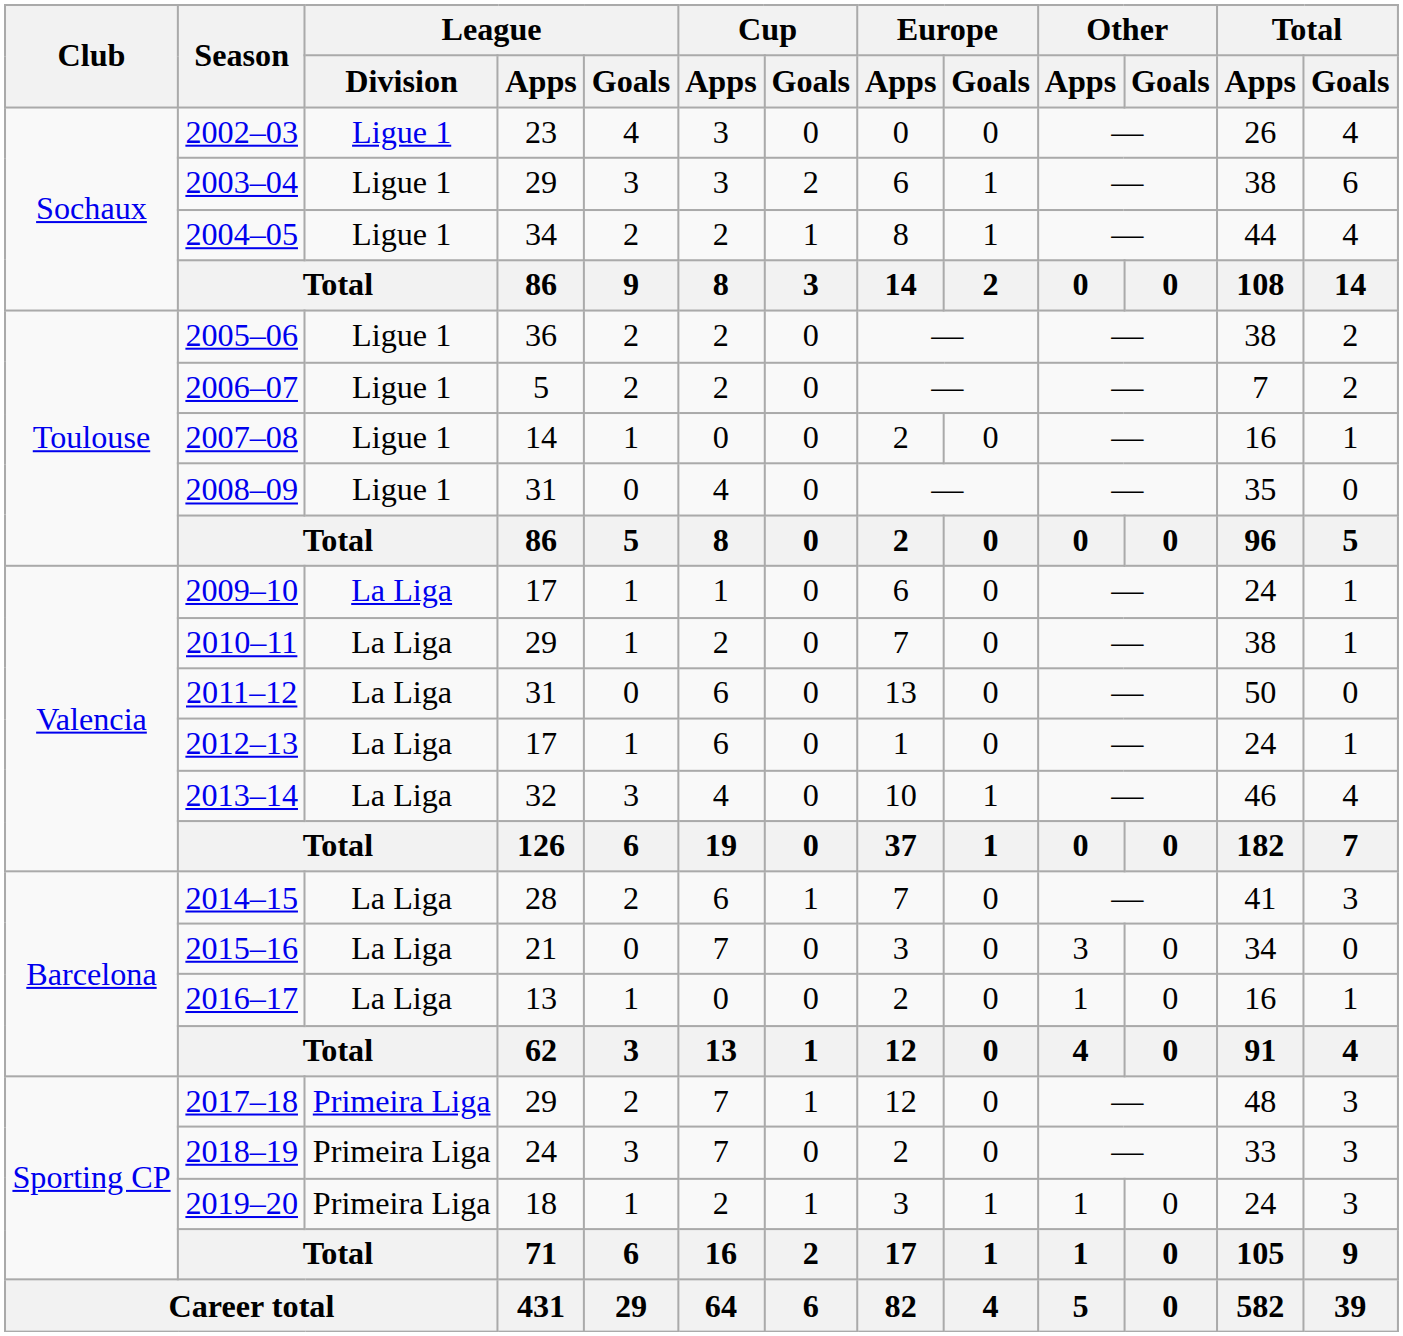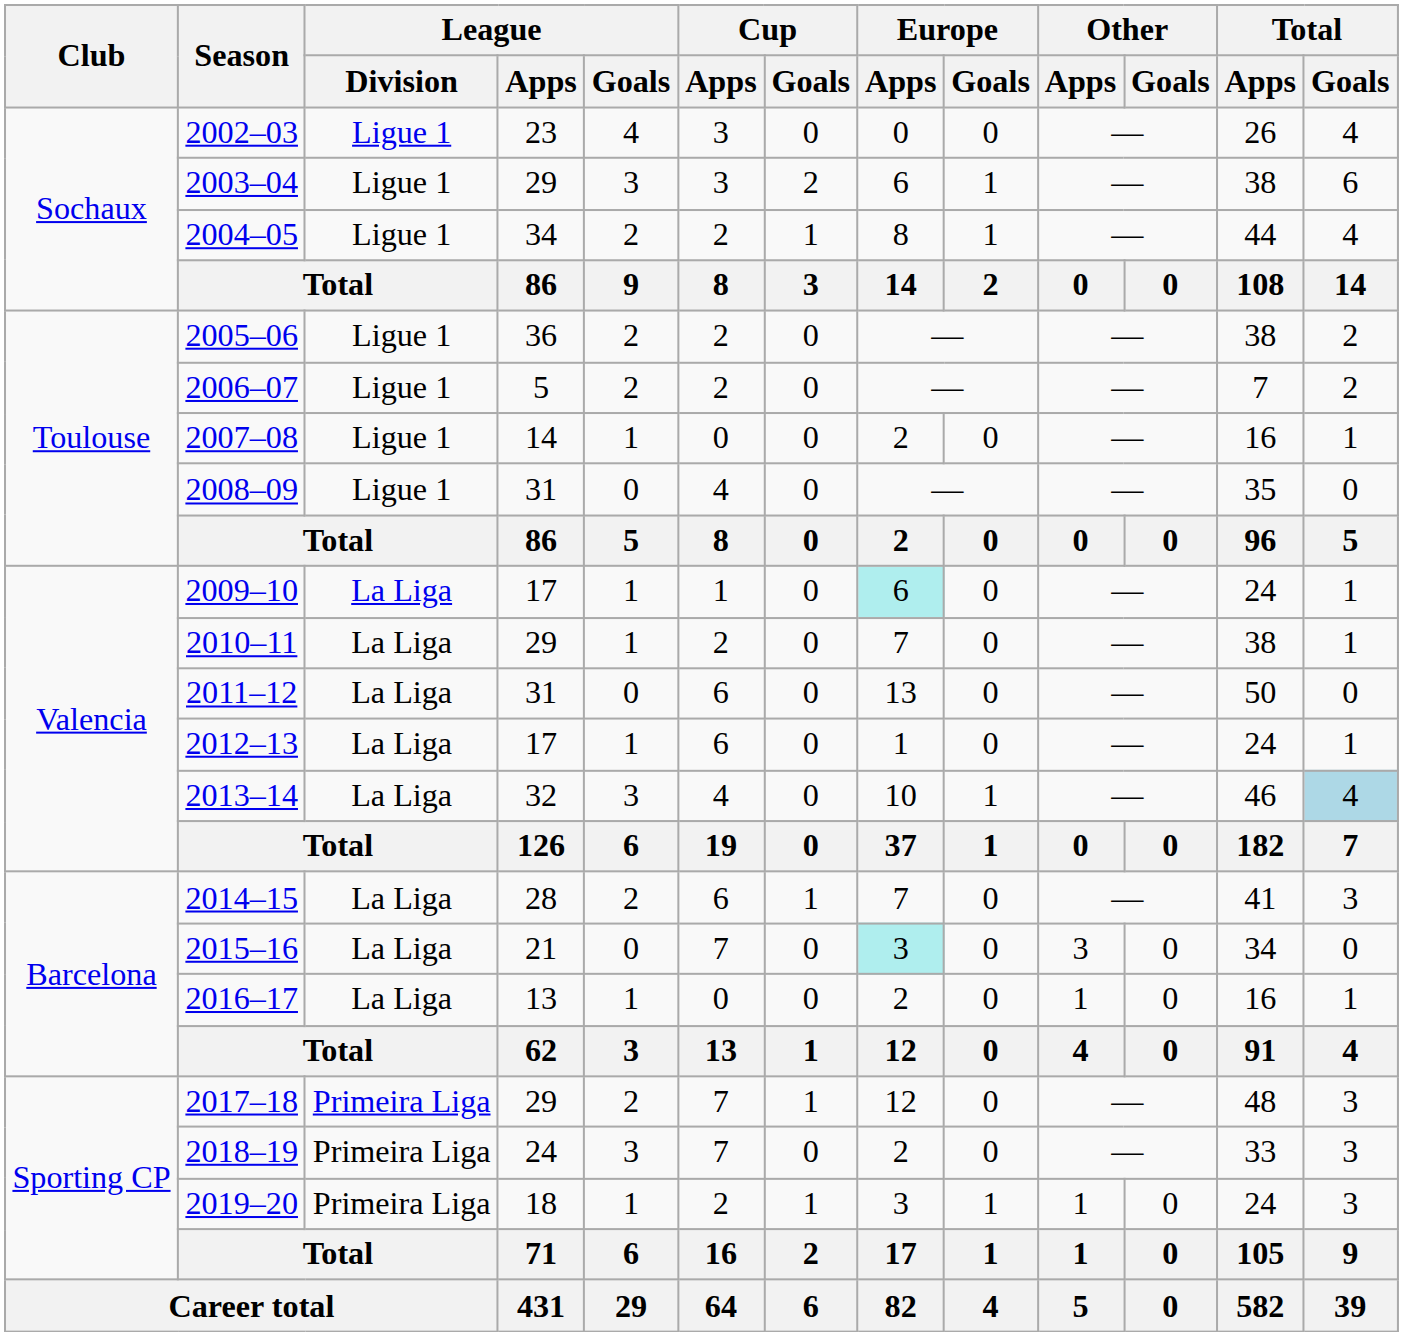 <table class="wikitable" style="text-align:center">
 <tr>
 <th rowspan="2">Club</th>
 <th rowspan="2">Season</th>
 <th colspan="3">League</th>
 <th colspan="2">Cup</th>
 <th colspan="2">Europe</th>
 <th colspan="2">Other</th>
 <th colspan="2">Total</th>
 </tr>
 <tr>
 <th>Division</th>
 <th>Apps</th>
 <th>Goals</th>
 <th>Apps</th>
 <th>Goals</th>
 <th>Apps</th>
 <th>Goals</th>
 <th>Apps</th>
 <th>Goals</th>
 <th>Apps</th>
 <th>Goals</th>
 </tr>
 <tr>
 <td rowspan="4"><a href='#'>Sochaux</a></td>
 <td><a href='#'>2002–03</a></td>
 <td><a href='#'>Ligue 1</a></td>
 <td>23</td>
 <td>4</td>
 <td>3</td>
 <td>0</td>
 <td>0</td>
 <td>0</td>
 <td colspan="2">—</td>
 <td>26</td>
 <td>4</td>
 </tr>
 <tr>
 <td><a href='#'>2003–04</a></td>
 <td>Ligue 1</td>
 <td>29</td>
 <td>3</td>
 <td>3</td>
 <td>2</td>
 <td>6</td>
 <td>1</td>
 <td colspan="2">—</td>
 <td>38</td>
 <td>6</td>
 </tr>
 <tr>
 <td><a href='#'>2004–05</a></td>
 <td>Ligue 1</td>
 <td>34</td>
 <td>2</td>
 <td>2</td>
 <td>1</td>
 <td>8</td>
 <td>1</td>
 <td colspan="2">—</td>
 <td>44</td>
 <td>4</td>
 </tr>
 <tr>
 <th colspan="2">Total</th>
 <th>86</th>
 <th>9</th>
 <th>8</th>
 <th>3</th>
 <th>14</th>
 <th>2</th>
 <th>0</th>
 <th>0</th>
 <th>108</th>
 <th>14</th>
 </tr>
 <tr>
 <td rowspan="5"><a href='#'>Toulouse</a></td>
 <td><a href='#'>2005–06</a></td>
 <td>Ligue 1</td>
 <td>36</td>
 <td>2</td>
 <td>2</td>
 <td>0</td>
 <td colspan="2">—</td>
 <td colspan="2">—</td>
 <td>38</td>
 <td>2</td>
 </tr>
 <tr>
 <td><a href='#'>2006–07</a></td>
 <td>Ligue 1</td>
 <td>5</td>
 <td>2</td>
 <td>2</td>
 <td>0</td>
 <td colspan="2">—</td>
 <td colspan="2">—</td>
 <td>7</td>
 <td>2</td>
 </tr>
 <tr>
 <td><a href='#'>2007–08</a></td>
 <td>Ligue 1</td>
 <td>14</td>
 <td>1</td>
 <td>0</td>
 <td>0</td>
 <td>2</td>
 <td>0</td>
 <td colspan="2">—</td>
 <td>16</td>
 <td>1</td>
 </tr>
 <tr>
 <td><a href='#'>2008–09</a></td>
 <td>Ligue 1</td>
 <td>31</td>
 <td>0</td>
 <td>4</td>
 <td>0</td>
 <td colspan="2">—</td>
 <td colspan="2">—</td>
 <td>35</td>
 <td>0</td>
 </tr>
 <tr>
 <th colspan="2">Total</th>
 <th>86</th>
 <th>5</th>
 <th>8</th>
 <th>0</th>
 <th>2</th>
 <th>0</th>
 <th>0</th>
 <th>0</th>
 <th>96</th>
 <th>5</th>
 </tr>
 <tr>
 <td rowspan="6"><a href='#'>Valencia</a></td>
 <td><a href='#'>2009–10</a></td>
 <td><a href='#'>La Liga</a></td>
 <td>17</td>
 <td>1</td>
 <td>1</td>
 <td>0</td>
-<td>6</td>
+<td style="background: paleturquoise;">6</td>
 <td>0</td>
 <td colspan="2">—</td>
 <td>24</td>
 <td>1</td>
 </tr>
 <tr>
 <td><a href='#'>2010–11</a></td>
 <td>La Liga</td>
 <td>29</td>
 <td>1</td>
 <td>2</td>
 <td>0</td>
 <td>7</td>
 <td>0</td>
 <td colspan="2">—</td>
 <td>38</td>
 <td>1</td>
 </tr>
 <tr>
 <td><a href='#'>2011–12</a></td>
 <td>La Liga</td>
 <td>31</td>
 <td>0</td>
 <td>6</td>
 <td>0</td>
 <td>13</td>
 <td>0</td>
 <td colspan="2">—</td>
 <td>50</td>
 <td>0</td>
 </tr>
 <tr>
 <td><a href='#'>2012–13</a></td>
 <td>La Liga</td>
 <td>17</td>
 <td>1</td>
 <td>6</td>
 <td>0</td>
 <td>1</td>
 <td>0</td>
 <td colspan="2">—</td>
 <td>24</td>
 <td>1</td>
 </tr>
 <tr>
 <td><a href='#'>2013–14</a></td>
 <td>La Liga</td>
 <td>32</td>
 <td>3</td>
 <td>4</td>
 <td>0</td>
 <td>10</td>
 <td>1</td>
 <td colspan="2">—</td>
 <td>46</td>
-<td>4</td>
+<td style="background: lightblue;">4</td>
 </tr>
 <tr>
 <th colspan="2">Total</th>
 <th>126</th>
 <th>6</th>
 <th>19</th>
 <th>0</th>
 <th>37</th>
 <th>1</th>
 <th>0</th>
 <th>0</th>
 <th>182</th>
 <th>7</th>
 </tr>
 <tr>
 <td rowspan="4"><a href='#'>Barcelona</a></td>
 <td><a href='#'>2014–15</a></td>
 <td>La Liga</td>
 <td>28</td>
 <td>2</td>
 <td>6</td>
 <td>1</td>
 <td>7</td>
 <td>0</td>
 <td colspan="2">—</td>
 <td>41</td>
 <td>3</td>
 </tr>
 <tr>
 <td><a href='#'>2015–16</a></td>
 <td>La Liga</td>
 <td>21</td>
 <td>0</td>
 <td>7</td>
 <td>0</td>
-<td>3</td>
+<td style="background: paleturquoise;">3</td>
 <td>0</td>
 <td>3</td>
 <td>0</td>
 <td>34</td>
 <td>0</td>
 </tr>
 <tr>
 <td><a href='#'>2016–17</a></td>
 <td>La Liga</td>
 <td>13</td>
 <td>1</td>
 <td>0</td>
 <td>0</td>
 <td>2</td>
 <td>0</td>
 <td>1</td>
 <td>0</td>
 <td>16</td>
 <td>1</td>
 </tr>
 <tr>
 <th colspan="2">Total</th>
 <th>62</th>
 <th>3</th>
 <th>13</th>
 <th>1</th>
 <th>12</th>
 <th>0</th>
 <th>4</th>
 <th>0</th>
 <th>91</th>
 <th>4</th>
 </tr>
 <tr>
 <td rowspan="4"><a href='#'>Sporting CP</a></td>
 <td><a href='#'>2017–18</a></td>
 <td><a href='#'>Primeira Liga</a></td>
 <td>29</td>
 <td>2</td>
 <td>7</td>
 <td>1</td>
 <td>12</td>
 <td>0</td>
 <td colspan="2">—</td>
 <td>48</td>
 <td>3</td>
 </tr>
 <tr>
 <td><a href='#'>2018–19</a></td>
 <td>Primeira Liga</td>
 <td>24</td>
 <td>3</td>
 <td>7</td>
 <td>0</td>
 <td>2</td>
 <td>0</td>
 <td colspan="2">—</td>
 <td>33</td>
 <td>3</td>
 </tr>
 <tr>
 <td><a href='#'>2019–20</a></td>
 <td>Primeira Liga</td>
 <td>18</td>
 <td>1</td>
 <td>2</td>
 <td>1</td>
 <td>3</td>
 <td>1</td>
 <td>1</td>
 <td>0</td>
 <td>24</td>
 <td>3</td>
 </tr>
 <tr>
 <th colspan="2">Total</th>
 <th>71</th>
 <th>6</th>
 <th>16</th>
 <th>2</th>
 <th>17</th>
 <th>1</th>
 <th>1</th>
 <th>0</th>
 <th>105</th>
 <th>9</th>
 </tr>
 <tr>
 <th colspan="3">Career total</th>
 <th>431</th>
 <th>29</th>
 <th>64</th>
 <th>6</th>
 <th>82</th>
 <th>4</th>
 <th>5</th>
 <th>0</th>
 <th>582</th>
 <th>39</th>
 </tr>
 </table>
